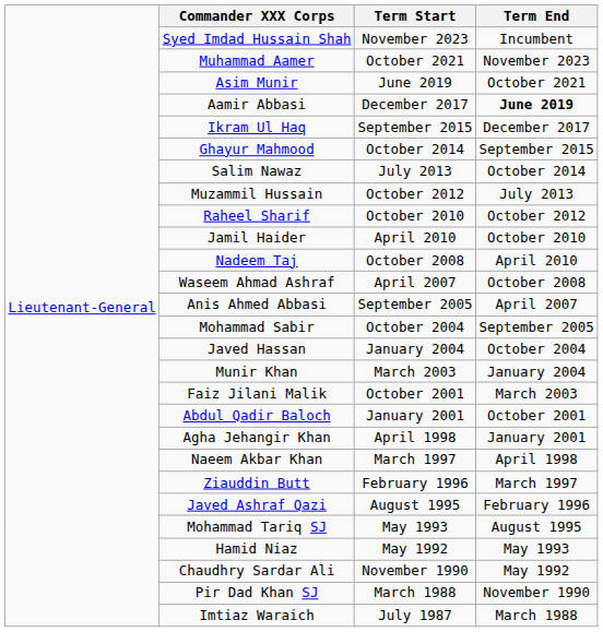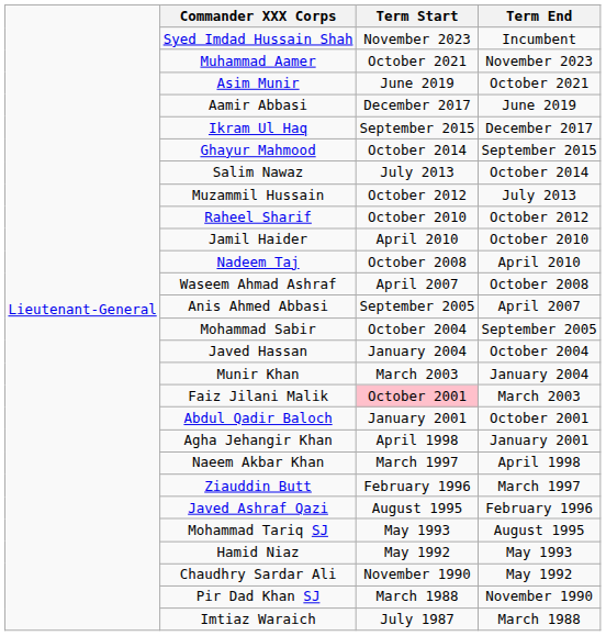 <table class="wikitable" style="text-align:center">
 <tr>
 <td rowspan="28"><a href='#'>Lieutenant-General</a> <br>  <br></td>
 <th colspan=1>Commander XXX Corps</th>
 <th>Term Start</th>
 <th>Term End</th>
 </tr>
 <tr>
 <td><a href='#'>Syed Imdad Hussain Shah</a></td>
 <td>November 2023</td>
 <td>Incumbent</td>
 </tr>
 <tr>
 <td><a href='#'>Muhammad Aamer</a></td>
 <td>October 2021</td>
 <td>November 2023</td>
 </tr>
 <tr>
 <td><a href='#'>Asim Munir</a></td>
 <td>June 2019</td>
 <td>October 2021</td>
 </tr>
 <tr>
 <td>Aamir Abbasi</td>
 <td>December 2017</td>
-<td><strong>June 2019</strong></td>
+<td>June 2019</td>
 </tr>
 <tr>
 <td><a href='#'>Ikram Ul Haq</a></td>
 <td>September 2015</td>
 <td>December 2017</td>
 </tr>
 <tr>
 <td><a href='#'>Ghayur Mahmood</a></td>
 <td>October 2014</td>
 <td>September 2015</td>
 </tr>
 <tr>
 <td>Salim Nawaz</td>
 <td>July 2013</td>
 <td>October 2014</td>
 </tr>
 <tr>
 <td>Muzammil Hussain</td>
 <td>October 2012</td>
 <td>July 2013</td>
 </tr>
 <tr>
 <td><a href='#'>Raheel Sharif</a></td>
 <td>October 2010</td>
 <td>October 2012</td>
 </tr>
 <tr>
 <td>Jamil Haider</td>
 <td>April 2010</td>
 <td>October 2010</td>
 </tr>
 <tr>
 <td><a href='#'>Nadeem Taj</a></td>
 <td>October 2008</td>
 <td>April 2010</td>
 </tr>
 <tr>
 <td>Waseem Ahmad Ashraf</td>
 <td>April 2007</td>
 <td>October 2008</td>
 </tr>
 <tr>
 <td>Anis Ahmed Abbasi</td>
 <td>September 2005</td>
 <td>April 2007</td>
 </tr>
 <tr>
 <td>Mohammad Sabir</td>
 <td>October 2004</td>
 <td>September 2005</td>
 </tr>
 <tr>
 <td>Javed Hassan</td>
 <td>January 2004</td>
 <td>October 2004</td>
 </tr>
 <tr>
 <td>Munir Khan</td>
 <td>March 2003</td>
 <td>January 2004</td>
 </tr>
 <tr>
 <td>Faiz Jilani Malik</td>
-<td>October 2001</td>
+<td style="background: pink;">October 2001</td>
 <td>March 2003</td>
 </tr>
 <tr>
 <td><a href='#'>Abdul Qadir Baloch</a></td>
 <td>January 2001</td>
 <td>October 2001</td>
 </tr>
 <tr>
 <td>Agha Jehangir Khan</td>
 <td>April 1998</td>
 <td>January 2001</td>
 </tr>
 <tr>
 <td>Naeem Akbar Khan</td>
 <td>March 1997</td>
 <td>April 1998</td>
 </tr>
 <tr>
 <td><a href='#'>Ziauddin Butt</a></td>
 <td>February 1996</td>
 <td>March 1997</td>
 </tr>
 <tr>
 <td><a href='#'>Javed Ashraf Qazi</a></td>
 <td>August 1995</td>
 <td>February 1996</td>
 </tr>
 <tr>
 <td>Mohammad Tariq <a href='#'>SJ</a></td>
 <td>May 1993</td>
 <td>August 1995</td>
 </tr>
 <tr>
 <td>Hamid Niaz</td>
 <td>May 1992</td>
 <td>May 1993</td>
 </tr>
 <tr>
 <td>Chaudhry Sardar Ali</td>
 <td>November 1990</td>
 <td>May 1992</td>
 </tr>
 <tr>
 <td>Pir Dad Khan <a href='#'>SJ</a></td>
 <td>March 1988</td>
 <td>November 1990</td>
 </tr>
 <tr>
 <td>Imtiaz Waraich</td>
 <td>July 1987</td>
 <td>March 1988</td>
 </tr>
 </table>
